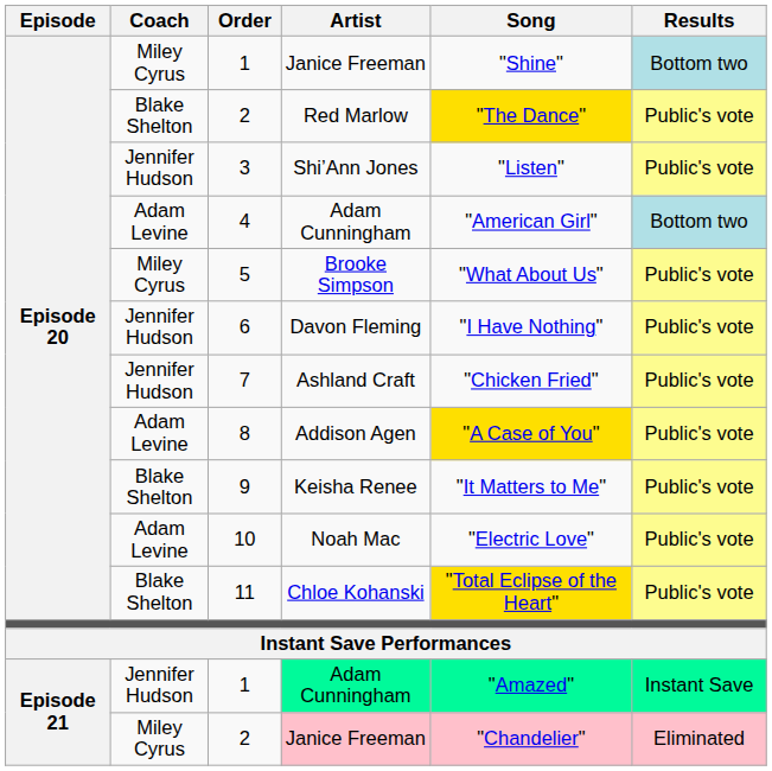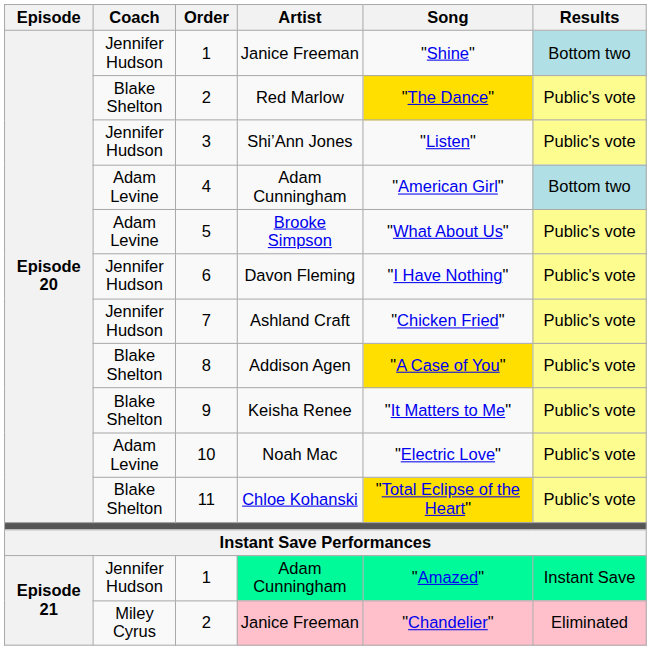 <table class="wikitable" style="text-align:center; width:100%;">
 <tr>
 <th style="width:10%;">Episode</th>
 <th style="width:10%;">Coach</th>
 <th style="width:05%;">Order</th>
 <th style="width:15%;">Artist</th>
 <th style="width:21%;">Song</th>
 <th style="width:14%;">Results</th>
 </tr>
 <tr>
 <th rowspan="11" scope="row">Episode 20<br><small></small></th>
-<td>Miley Cyrus</td>
+<td>Jennifer Hudson</td>
 <td>1</td>
 <td style=>Janice Freeman</td>
 <td style=>"<a href='#'>Shine</a>"</td>
 <td style="background:#B0E0E6;">Bottom two</td>
 </tr>
 <tr>
 <td>Blake Shelton</td>
 <td>2</td>
 <td style=>Red Marlow</td>
 <td style="background:#fedf00;">"<a href='#'>The Dance</a>"</td>
 <td style="background:#fdfc8f;">Public's vote</td>
 </tr>
 <tr>
 <td>Jennifer Hudson</td>
 <td>3</td>
 <td style=>Shi’Ann Jones</td>
 <td style=>"<a href='#'>Listen</a>"</td>
 <td style="background:#fdfc8f;">Public's vote</td>
 </tr>
 <tr>
 <td>Adam Levine</td>
 <td>4</td>
 <td style=>Adam Cunningham</td>
 <td style=>"<a href='#'>American Girl</a>"</td>
 <td style="background:#B0E0E6;">Bottom two</td>
 </tr>
 <tr>
-<td>Miley Cyrus</td>
+<td>Adam Levine</td>
 <td>5</td>
 <td style=><a href='#'>Brooke Simpson</a></td>
 <td style=>"<a href='#'>What About Us</a>"</td>
 <td style="background:#fdfc8f;">Public's vote</td>
 </tr>
 <tr>
 <td>Jennifer Hudson</td>
 <td>6</td>
 <td style=>Davon Fleming</td>
 <td style=>"<a href='#'>I Have Nothing</a>"</td>
 <td style="background:#fdfc8f;">Public's vote</td>
 </tr>
 <tr>
 <td>Jennifer Hudson</td>
 <td>7</td>
 <td style=>Ashland Craft</td>
 <td style=>"<a href='#'>Chicken Fried</a>"</td>
 <td style="background:#fdfc8f;">Public's vote</td>
 </tr>
 <tr>
-<td>Adam Levine</td>
+<td>Blake Shelton</td>
 <td>8</td>
 <td style=>Addison Agen</td>
 <td style="background:#fedf00;">"<a href='#'>A Case of You</a>"</td>
 <td style="background:#fdfc8f;">Public's vote</td>
 </tr>
 <tr>
 <td>Blake Shelton</td>
 <td>9</td>
 <td style=>Keisha Renee</td>
 <td style= style="background:#fedf00;">"<a href='#'>It Matters to Me</a>"</td>
 <td style="background:#fdfc8f;">Public's vote</td>
 </tr>
 <tr>
 <td>Adam Levine</td>
 <td>10</td>
 <td style=>Noah Mac</td>
 <td style=>"<a href='#'>Electric Love</a>"</td>
 <td style="background:#fdfc8f;">Public's vote</td>
 </tr>
 <tr>
 <td>Blake Shelton</td>
 <td>11</td>
 <td style=><a href='#'>Chloe Kohanski</a></td>
 <td style="background:#fedf00;">"<a href='#'>Total Eclipse of the Heart</a>"</td>
 <td style="background:#fdfc8f;">Public's vote</td>
 </tr>
 <tr>
 <td colspan="6" style="background:#555;"></td>
 </tr>
 <tr>
 <th colspan="6">Instant Save Performances</th>
 </tr>
 <tr>
 <th rowspan="2" scope="row">Episode 21<br><small></small></th>
 <td>Jennifer Hudson</td>
 <td>1</td>
 <td style="background:#00FA9A;">Adam Cunningham</td>
 <td style="background:#00FA9A;">"<a href='#'>Amazed</a>"</td>
 <td style="background:#00FA9A;">Instant Save</td>
 </tr>
 <tr>
 <td>Miley Cyrus</td>
 <td>2</td>
 <td style="background:Pink;">Janice Freeman</td>
 <td style="background:Pink;">"<a href='#'>Chandelier</a>"</td>
 <td style="background:Pink;">Eliminated</td>
 </tr>
 </table>
